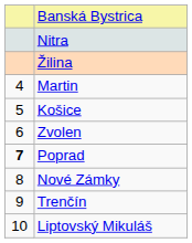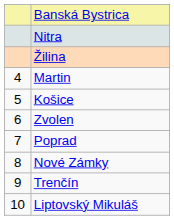 <table class="wikitable" style="width:200px;">
 <tr style="background:#F7F6A8;">
 <td align=center></td>
 <td><a href='#'>Banská Bystrica</a></td>
 </tr>
 <tr style="background:#DCE5E5;">
 <td align=center></td>
 <td><a href='#'>Nitra</a></td>
 </tr>
 <tr style="background:#FFDAB9;">
 <td align=center></td>
 <td><a href='#'>Žilina</a></td>
 </tr>
 <tr>
 <td align=center>4</td>
 <td><a href='#'>Martin</a></td>
 </tr>
 <tr>
 <td align=center>5</td>
 <td><a href='#'>Košice</a></td>
 </tr>
 <tr>
 <td align=center>6</td>
 <td><a href='#'>Zvolen</a></td>
 </tr>
 <tr>
-<td align=center><strong>7</strong></td>
+<td align=center>7</td>
 <td><a href='#'>Poprad</a></td>
 </tr>
 <tr>
 <td align=center>8</td>
 <td><a href='#'>Nové Zámky</a></td>
 </tr>
 <tr>
 <td align=center>9</td>
 <td><a href='#'>Trenčín</a></td>
 </tr>
 <tr>
 <td align=center>10</td>
 <td><a href='#'>Liptovský Mikuláš</a></td>
 </tr>
 </table>
